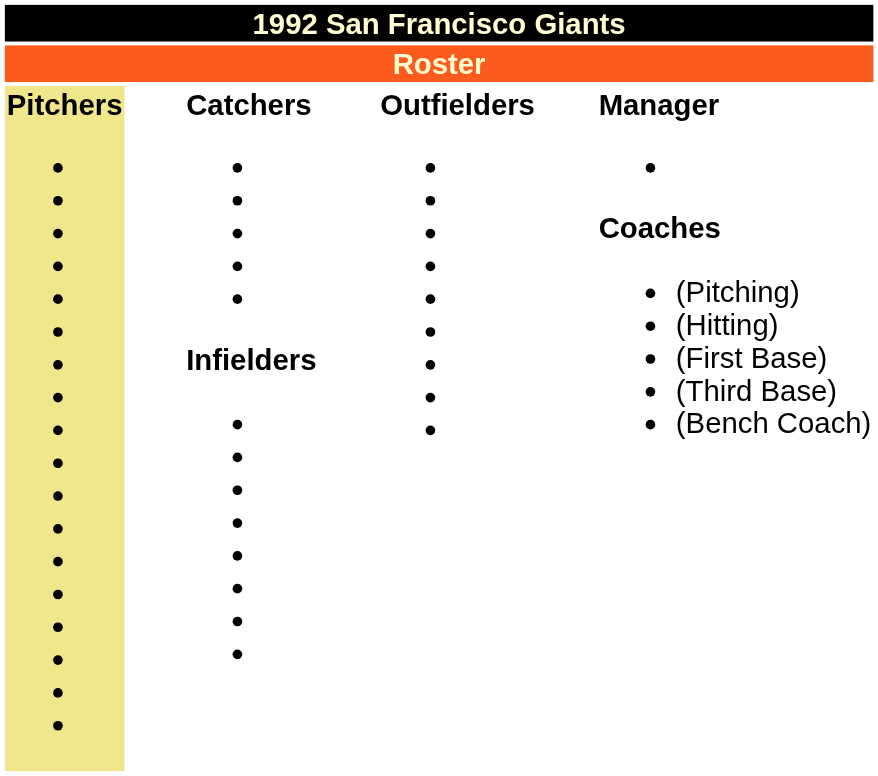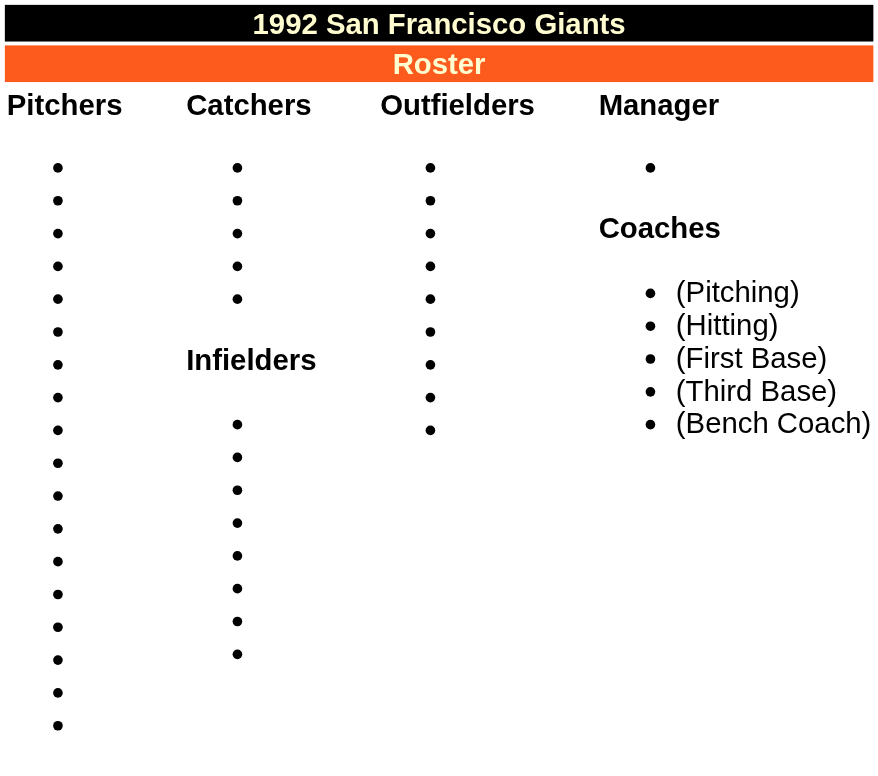 <table class="toccolours" style="font-size: 95%;">
 <tr>
 <th colspan="10" style="background-color: black; color: #FFFDD0; text-align: center;">1992 San Francisco Giants</th>
 </tr>
 <tr>
 <td colspan="10" style="background-color: #fd5a1e; color: #FFFDD0; text-align: center;"><strong>Roster</strong></td>
 </tr>
 <tr>
-<td valign="top" style="background: khaki;"><strong>Pitchers</strong><br><ul><li></li><li></li><li></li><li></li><li></li><li></li><li></li><li></li><li></li><li></li><li></li><li></li><li></li><li></li><li></li><li></li><li></li><li></li></ul></td>
+<td valign="top"><strong>Pitchers</strong><br><ul><li></li><li></li><li></li><li></li><li></li><li></li><li></li><li></li><li></li><li></li><li></li><li></li><li></li><li></li><li></li><li></li><li></li><li></li></ul></td>
 <td width="25px"></td>
 <td valign="top"><strong>Catchers</strong><br><ul><li></li><li></li><li></li><li></li><li></li></ul><strong>Infielders</strong><ul><li></li><li></li><li></li><li></li><li></li><li></li><li></li><li></li></ul></td>
 <td width="25px"></td>
 <td valign="top"><strong>Outfielders</strong><br><ul><li></li><li></li><li></li><li></li><li></li><li></li><li></li><li></li><li></li></ul></td>
 <td width="25px"></td>
 <td valign="top"><strong>Manager</strong><br><ul><li></li></ul><strong>Coaches</strong><ul><li> (Pitching)</li><li> (Hitting)</li><li> (First Base)</li><li> (Third Base)</li><li> (Bench Coach)</li></ul></td>
 </tr>
 <tr>
 </tr>
 </table>
